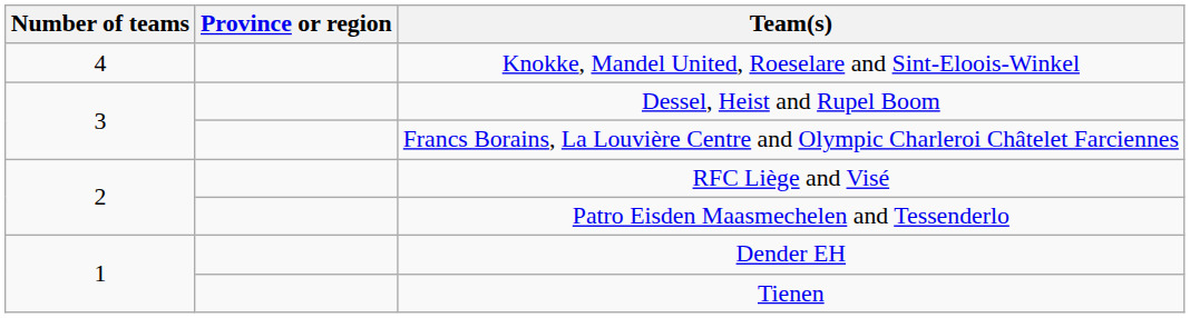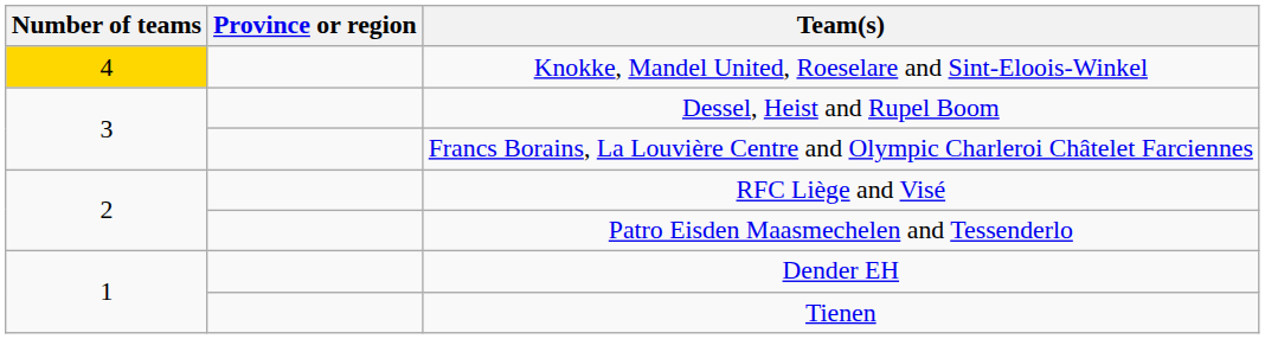 <table class="wikitable" style="text-align:center">
 <tr>
 <th>Number of teams</th>
 <th><a href='#'>Province</a> or region</th>
 <th>Team(s)</th>
 </tr>
 <tr>
-<td>4</td>
+<td style="background: gold;">4</td>
 <td align="left"></td>
 <td><a href='#'>Knokke</a>, <a href='#'>Mandel United</a>, <a href='#'>Roeselare</a> and <a href='#'>Sint-Eloois-Winkel</a></td>
 </tr>
 <tr>
 <td rowspan="2">3</td>
 <td align="left"></td>
 <td><a href='#'>Dessel</a>, <a href='#'>Heist</a> and <a href='#'>Rupel Boom</a></td>
 </tr>
 <tr>
 <td align="left"></td>
 <td><a href='#'>Francs Borains</a>, <a href='#'>La Louvière Centre</a> and <a href='#'>Olympic Charleroi Châtelet Farciennes</a></td>
 </tr>
 <tr>
 <td rowspan="2">2</td>
 <td align="left"></td>
 <td><a href='#'>RFC Liège</a> and <a href='#'>Visé</a></td>
 </tr>
 <tr>
 <td align="left"></td>
 <td><a href='#'>Patro Eisden Maasmechelen</a> and <a href='#'>Tessenderlo</a></td>
 </tr>
 <tr>
 <td rowspan="2">1</td>
 <td align="left"></td>
 <td><a href='#'>Dender EH</a></td>
 </tr>
 <tr>
 <td align="left"></td>
 <td><a href='#'>Tienen</a></td>
 </tr>
 </table>
